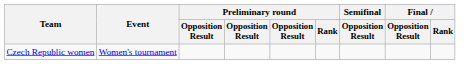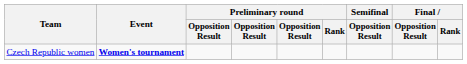 <table class=wikitable style=font-size:90%;text-align:center>
 <tr>
 <th rowspan=2>Team</th>
 <th rowspan=2>Event</th>
 <th colspan=4>Preliminary round</th>
 <th>Semifinal</th>
 <th colspan=2>Final / </th>
 </tr>
 <tr style=font-size:95%>
 <th>Opposition<br>Result</th>
 <th>Opposition<br>Result</th>
 <th>Opposition<br>Result</th>
 <th>Rank</th>
 <th>Opposition<br>Result</th>
 <th>Opposition<br>Result</th>
 <th>Rank</th>
 </tr>
 <tr>
 <td align=left><a href='#'>Czech Republic women</a></td>
-<td align=left><a href='#'>Women's tournament</a></td>
+<td align=left><strong><a href='#'>Women's tournament</a></strong></td>
 <td></td>
 <td></td>
 <td></td>
 <td></td>
 <td></td>
 <td></td>
 <td></td>
 </tr>
 </table>
